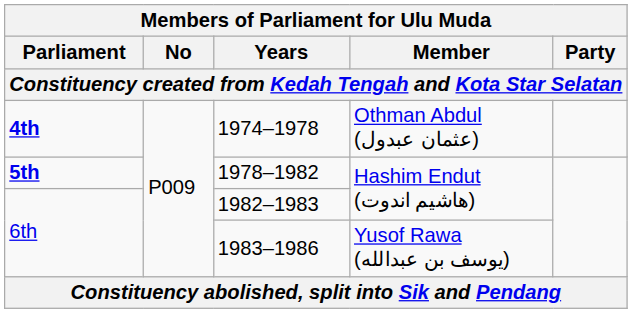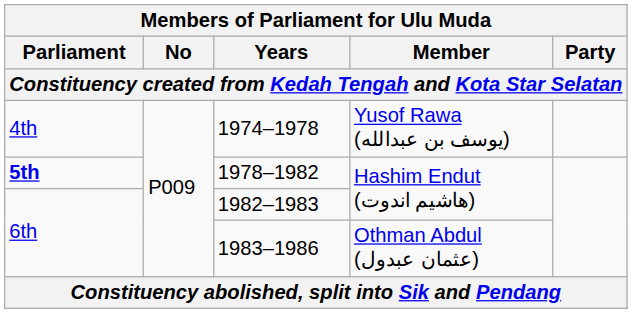 <table class=wikitable>
 <tr>
 <th colspan="5">Members of Parliament for Ulu Muda</th>
 </tr>
 <tr>
 <th>Parliament</th>
 <th>No</th>
 <th>Years</th>
 <th>Member</th>
 <th>Party</th>
 </tr>
 <tr>
 <th colspan="5" align="center"><em>Constituency created from <a href='#'>Kedah Tengah</a> and <a href='#'>Kota Star Selatan</a></em></th>
 </tr>
 <tr>
-<td><strong><a href='#'>4th</a></strong></td>
+<td><a href='#'>4th</a></td>
 <td rowspan="4">P009</td>
 <td>1974–1978</td>
-<td><a href='#'>Othman Abdul</a>  <br> (عثمان عبدول)</td>
+<td><a href='#'>Yusof Rawa</a> <br>  (يوسف بن عبدالله)</td>
 <td></td>
 </tr>
 <tr>
 <td><strong><a href='#'>5th</a></strong></td>
 <td>1978–1982</td>
 <td rowspan="2"><a href='#'>Hashim Endut</a> <br>  (هاشيم اندوت)</td>
 <td rowspan="3"></td>
 </tr>
 <tr>
 <td rowspan=2><a href='#'>6th</a></td>
 <td>1982–1983</td>
 </tr>
 <tr>
 <td>1983–1986</td>
-<td><a href='#'>Yusof Rawa</a> <br>  (يوسف بن عبدالله)</td>
+<td><a href='#'>Othman Abdul</a>  <br> (عثمان عبدول)</td>
 </tr>
 <tr>
 <th colspan="5" align="center"><em>Constituency abolished, split into <a href='#'>Sik</a> and <a href='#'>Pendang</a></em></th>
 </tr>
 </table>
